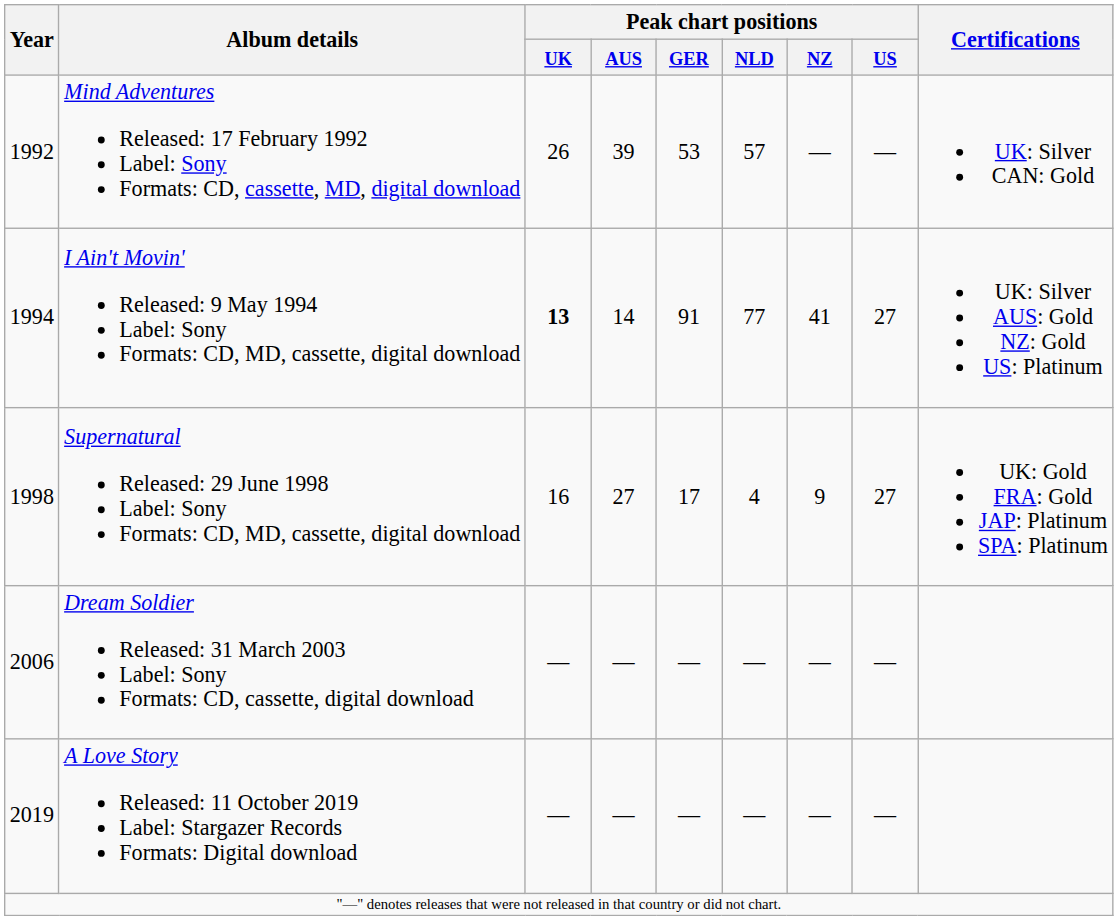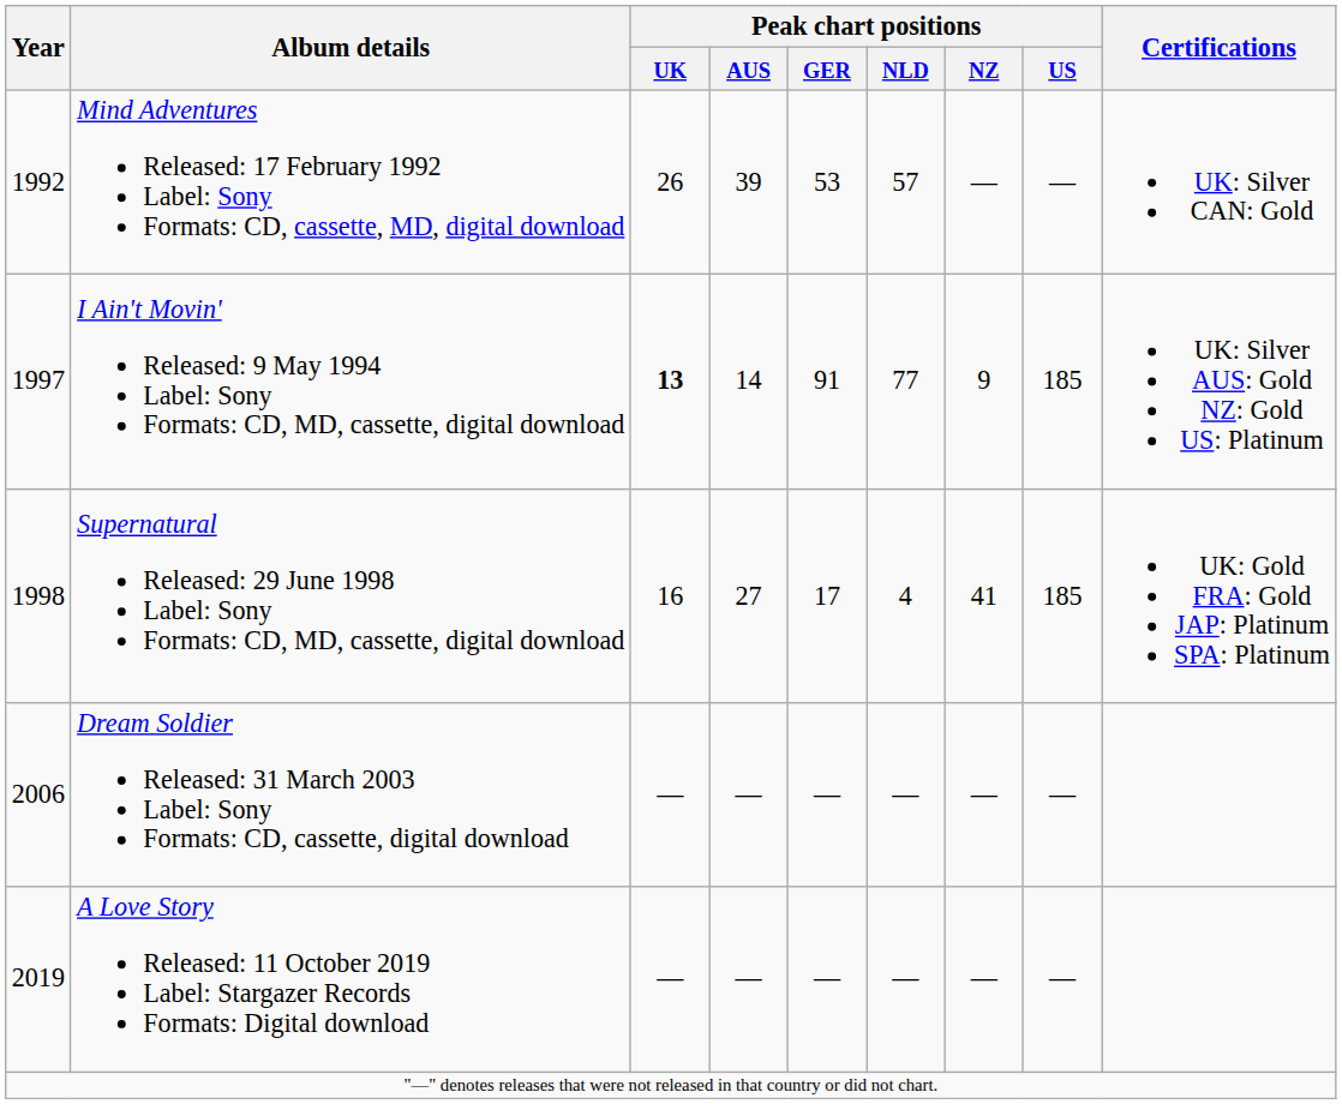 <table class="wikitable" style="text-align:center;">
 <tr>
 <th rowspan="2">Year</th>
 <th rowspan="2">Album details</th>
 <th colspan="6">Peak chart positions</th>
 <th rowspan="2"><a href='#'>Certifications</a></th>
 </tr>
 <tr>
 <th style="width:40px;"><small><a href='#'>UK</a></small><br></th>
 <th style="width:40px;"><small><a href='#'>AUS</a></small><br></th>
 <th style="width:40px;"><small><a href='#'>GER</a></small><br></th>
 <th style="width:40px;"><small><a href='#'>NLD</a></small><br></th>
 <th style="width:40px;"><small><a href='#'>NZ</a></small><br></th>
 <th style="width:40px;"><small><a href='#'>US</a></small><br></th>
 </tr>
 <tr>
 <td>1992</td>
 <td align="left"><em><a href='#'>Mind Adventures</a></em><br><ul><li>Released: 17 February 1992</li><li>Label: <a href='#'>Sony</a></li><li>Formats: CD, <a href='#'>cassette</a>, <a href='#'>MD</a>, <a href='#'>digital download</a></li></ul></td>
 <td>26</td>
 <td>39</td>
 <td>53</td>
 <td>57</td>
 <td>—</td>
 <td>—</td>
 <td><br><ul><li><a href='#'>UK</a>: Silver</li><li>CAN: Gold</li></ul></td>
 </tr>
 <tr>
-<td>1994</td>
+<td>1997</td>
 <td align="left"><em><a href='#'>I Ain't Movin'</a></em><br><ul><li>Released: 9 May 1994</li><li>Label: Sony</li><li>Formats: CD, MD, cassette, digital download</li></ul></td>
 <td><strong>13</strong></td>
 <td>14</td>
 <td>91</td>
 <td>77</td>
-<td>41</td>
-<td>27</td>
+<td>9</td>
+<td>185</td>
 <td><br><ul><li>UK: Silver</li><li><a href='#'>AUS</a>: Gold</li><li><a href='#'>NZ</a>: Gold</li><li><a href='#'>US</a>: Platinum</li></ul></td>
 </tr>
 <tr>
 <td>1998</td>
 <td align="left"><em><a href='#'>Supernatural</a></em><br><ul><li>Released: 29 June 1998</li><li>Label: Sony</li><li>Formats: CD, MD, cassette, digital download</li></ul></td>
 <td>16</td>
 <td>27</td>
 <td>17</td>
 <td>4</td>
-<td>9</td>
-<td>27</td>
+<td>41</td>
+<td>185</td>
 <td><br><ul><li>UK: Gold</li><li><a href='#'>FRA</a>: Gold</li><li><a href='#'>JAP</a>: Platinum</li><li><a href='#'>SPA</a>: Platinum</li></ul></td>
 </tr>
 <tr>
 <td>2006</td>
 <td align="left"><em><a href='#'>Dream Soldier</a></em><br><ul><li>Released: 31 March 2003</li><li>Label: Sony</li><li>Formats: CD, cassette, digital download</li></ul></td>
 <td>—</td>
 <td>—</td>
 <td>—</td>
 <td>—</td>
 <td>—</td>
 <td>—</td>
 <td></td>
 </tr>
 <tr>
 <td>2019</td>
 <td align="left"><em><a href='#'>A Love Story</a></em><br><ul><li>Released: 11 October 2019</li><li>Label: Stargazer Records</li><li>Formats: Digital download</li></ul></td>
 <td>—</td>
 <td>—</td>
 <td>—</td>
 <td>—</td>
 <td>—</td>
 <td>—</td>
 <td></td>
 </tr>
 <tr>
 <td colspan="9" style="text-align:center; font-size:8pt;">"—" denotes releases that were not released in that country or did not chart.</td>
 </tr>
 </table>
